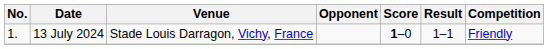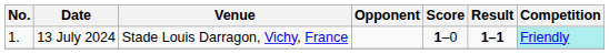 <table class="wikitable">
 <tr>
 <th>No.</th>
 <th>Date</th>
 <th>Venue</th>
 <th>Opponent</th>
 <th>Score</th>
 <th>Result</th>
 <th>Competition</th>
 </tr>
 <tr>
 <td>1.</td>
 <td>13 July 2024</td>
 <td>Stade Louis Darragon, <a href='#'>Vichy</a>, <a href='#'>France</a></td>
 <td></td>
 <td align=center><strong>1</strong>–0</td>
-<td align=center>1–1</td>
-<td><a href='#'>Friendly</a></td>
+<td align=center><strong>1–1</strong></td>
+<td style="background: paleturquoise;"><a href='#'>Friendly</a></td>
 </tr>
 <tr>
 </tr>
 </table>
